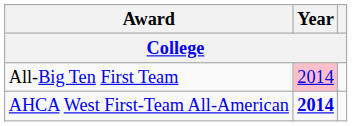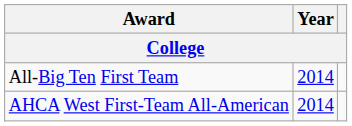 <table class="wikitable">
 <tr>
 <th>Award</th>
 <th>Year</th>
 <th></th>
 </tr>
 <tr ALIGN="center" bgcolor="#e0e0e0">
 <th colspan="3"><a href='#'>College</a></th>
 </tr>
 <tr>
 <td>All-<a href='#'>Big Ten</a> <a href='#'>First Team</a></td>
-<td style="background: pink;"><a href='#'>2014</a></td>
+<td><a href='#'>2014</a></td>
 <td></td>
 </tr>
 <tr>
 <td><a href='#'>AHCA</a> <a href='#'>West First-Team All-American</a></td>
-<td><strong><a href='#'>2014</a></strong></td>
+<td><a href='#'>2014</a></td>
 <td></td>
 </tr>
 </table>
